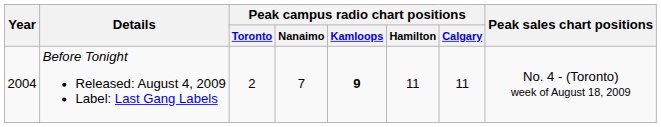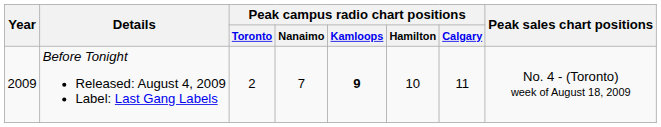 <table class="wikitable">
 <tr>
 <th rowspan="2">Year</th>
 <th rowspan="2">Details</th>
 <th colspan="5">Peak campus radio chart positions</th>
 <th rowspan=2>Peak sales chart positions</th>
 </tr>
 <tr>
 <th width="30"><small><a href='#'>Toronto</a></small><br></th>
 <th width="30"><small>Nanaimo</small><br></th>
 <th width="35"><small><a href='#'>Kamloops</a></small><br></th>
 <th width="35"><small>Hamilton</small><br></th>
 <th width="30"><small><a href='#'>Calgary</a></small><br></th>
 </tr>
 <tr>
-<td>2004</td>
+<td>2009</td>
 <td><em>Before Tonight</em><br><ul><li>Released: August 4, 2009</li><li>Label: <a href='#'>Last Gang Labels</a></li></ul></td>
 <td align="center">2</td>
 <td align="center">7</td>
 <td align="center"><strong>9</strong></td>
-<td align="center">11</td>
+<td align="center">10</td>
 <td align="center">11</td>
 <td align="center">No. 4 - (Toronto)<br><small>week of August 18, 2009</small></td>
 </tr>
 </table>
